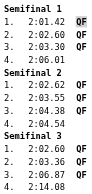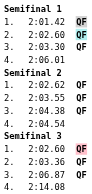 <table style="text-align:center">
 <tr>
 <td colspan=4 align=left><strong>Semifinal 1</strong></td>
 </tr>
 <tr>
 <td width-30>1.</td>
 <td align=left></td>
 <td width=80>2:01.42</td>
 <td style="background: lightgrey;"><strong>QF</strong></td>
 </tr>
 <tr>
 <td>2.</td>
 <td align=left></td>
 <td>2:02.60</td>
-<td><strong>QF</strong></td>
+<td style="background: paleturquoise;"><strong>QF</strong></td>
 </tr>
 <tr>
 <td>3.</td>
 <td align=left></td>
 <td>2:03.30</td>
 <td><strong>QF</strong></td>
 </tr>
 <tr>
 <td>4.</td>
 <td align=left></td>
 <td>2:06.01</td>
 <td></td>
 </tr>
 <tr>
 <td colspan=4 align=left><strong>Semifinal 2</strong></td>
 </tr>
 <tr>
 <td width-30>1.</td>
 <td align=left></td>
 <td width=80>2:02.62</td>
 <td><strong>QF</strong></td>
 </tr>
 <tr>
 <td>2.</td>
 <td align=left></td>
 <td>2:03.55</td>
 <td><strong>QF</strong></td>
 </tr>
 <tr>
 <td>3.</td>
 <td align=left></td>
 <td>2:04.38</td>
 <td><strong>QF</strong></td>
 </tr>
 <tr>
 <td>4.</td>
 <td align=left></td>
 <td>2:04.54</td>
 <td></td>
 </tr>
 <tr>
 <td colspan=4 align=left><strong>Semifinal 3</strong></td>
 </tr>
 <tr>
 <td width-30>1.</td>
 <td align=left></td>
 <td width=80>2:02.60</td>
-<td><strong>QF</strong></td>
+<td style="background: pink;"><strong>QF</strong></td>
 </tr>
 <tr>
 <td>2.</td>
 <td align=left></td>
 <td>2:03.36</td>
 <td><strong>QF</strong></td>
 </tr>
 <tr>
 <td>3.</td>
 <td align=left></td>
 <td>2:06.87</td>
 <td><strong>QF</strong></td>
 </tr>
 <tr>
 <td>4.</td>
 <td align=left></td>
 <td>2:14.08</td>
 <td></td>
 </tr>
 </table>
